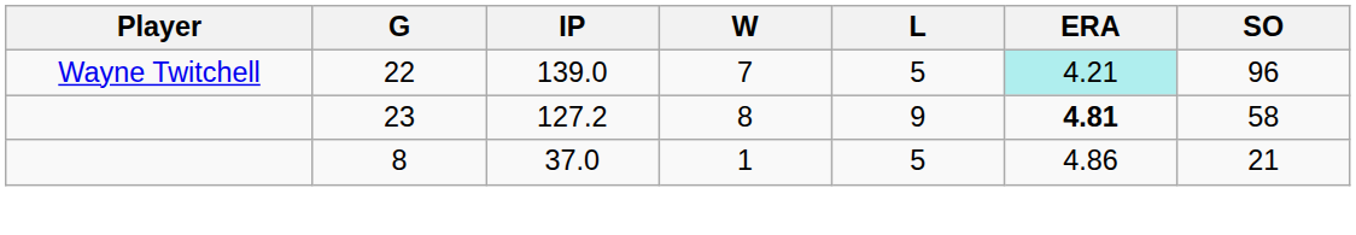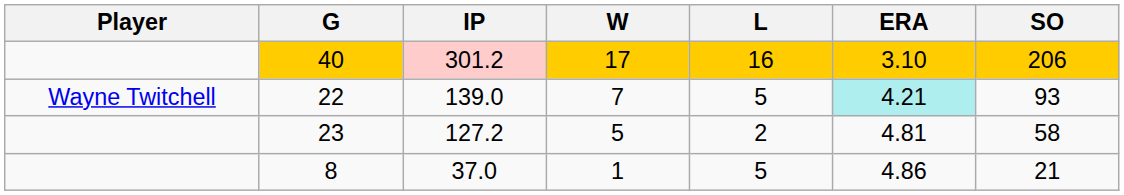 <table class="wikitable sortable">
 <tr>
 <th bgcolor="#DDDDFF" width="16%">Player</th>
 <th bgcolor="#DDDDFF" width="9%">G</th>
 <th bgcolor="#DDDDFF" width="9%">IP</th>
 <th bgcolor="#DDDDFF" width="9%">W</th>
 <th bgcolor="#DDDDFF" width="9%">L</th>
 <th bgcolor="#DDDDFF" width="9%">ERA</th>
 <th bgcolor="#DDDDFF" width="9%">SO</th>
 </tr>
 <tr align="center">
+<td></td>
+<td style="background:#fc0;">40</td>
+<td style="background:#ffcccc;">301.2</td>
+<td style="background:#fc0;">17</td>
+<td style="background:#fc0;">16</td>
+<td style="background:#fc0;">3.10</td>
+<td style="background:#fc0;">206</td>
+</tr>
+<tr align="center">
 <td><a href='#'>Wayne Twitchell</a></td>
 <td>22</td>
 <td>139.0</td>
 <td>7</td>
 <td>5</td>
 <td style="background: paleturquoise;">4.21</td>
-<td>96</td>
+<td>93</td>
 </tr>
 <tr align=center>
 <td></td>
 <td>23</td>
 <td>127.2</td>
-<td>8</td>
-<td>9</td>
-<td><strong>4.81</strong></td>
+<td>5</td>
+<td>2</td>
+<td>4.81</td>
 <td>58</td>
 </tr>
 <tr align="center">
 <td></td>
 <td>8</td>
 <td>37.0</td>
 <td>1</td>
 <td>5</td>
 <td>4.86</td>
 <td>21</td>
 </tr>
 </table>
